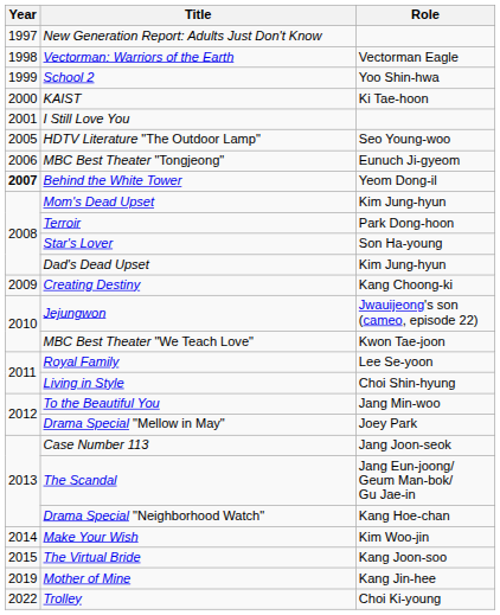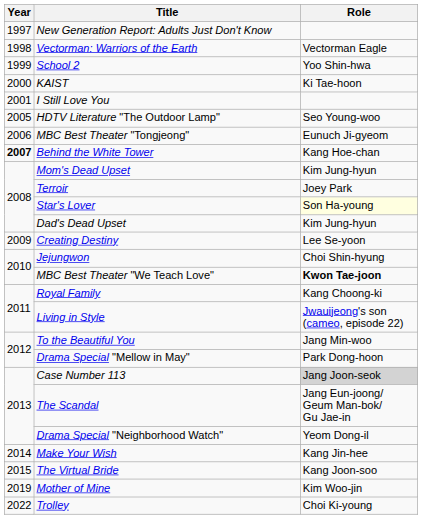 <table class="wikitable" style="width:600px">
 <tr>
 <th width=10>Year</th>
 <th>Title</th>
 <th>Role</th>
 </tr>
 <tr>
 <td>1997</td>
 <td><em>New Generation Report: Adults Just Don't Know</em></td>
 <td></td>
 </tr>
 <tr>
 <td>1998</td>
 <td><em><a href='#'>Vectorman: Warriors of the Earth</a></em></td>
 <td>Vectorman Eagle</td>
 </tr>
 <tr>
 <td>1999</td>
 <td><em><a href='#'>School 2</a></em></td>
 <td>Yoo Shin-hwa</td>
 </tr>
 <tr>
 <td>2000</td>
 <td><em>KAIST</em></td>
 <td>Ki Tae-hoon</td>
 </tr>
 <tr>
 <td>2001</td>
 <td><em>I Still Love You</em></td>
 <td></td>
 </tr>
 <tr>
 <td>2005</td>
 <td><em>HDTV Literature</em> "The Outdoor Lamp"</td>
 <td>Seo Young-woo</td>
 </tr>
 <tr>
 <td>2006</td>
 <td><em>MBC Best Theater</em> "Tongjeong"</td>
 <td>Eunuch Ji-gyeom</td>
 </tr>
 <tr>
 <td><strong>2007</strong></td>
 <td><em><a href='#'>Behind the White Tower</a></em></td>
-<td>Yeom Dong-il</td>
+<td>Kang Hoe-chan</td>
 </tr>
 <tr>
 <td rowspan=4>2008</td>
 <td><em><a href='#'>Mom's Dead Upset</a></em></td>
 <td>Kim Jung-hyun</td>
 </tr>
 <tr>
 <td><em><a href='#'>Terroir</a></em></td>
-<td>Park Dong-hoon</td>
+<td>Joey Park</td>
 </tr>
 <tr>
 <td><em><a href='#'>Star's Lover</a></em></td>
-<td>Son Ha-young</td>
+<td style="background: lightyellow;">Son Ha-young</td>
 </tr>
 <tr>
 <td><em>Dad's Dead Upset</em></td>
 <td>Kim Jung-hyun</td>
 </tr>
 <tr>
 <td>2009</td>
 <td><em><a href='#'>Creating Destiny</a></em></td>
-<td>Kang Choong-ki</td>
+<td>Lee Se-yoon</td>
 </tr>
 <tr>
 <td rowspan=2>2010</td>
 <td><em><a href='#'>Jejungwon</a></em></td>
-<td><a href='#'>Jwauijeong</a>'s son <br> (<a href='#'>cameo</a>, episode 22)</td>
+<td>Choi Shin-hyung</td>
 </tr>
 <tr>
 <td><em>MBC Best Theater</em> "We Teach Love"</td>
-<td>Kwon Tae-joon</td>
+<td><strong>Kwon Tae-joon</strong></td>
 </tr>
 <tr>
 <td rowspan=2>2011</td>
 <td><em><a href='#'>Royal Family</a></em></td>
-<td>Lee Se-yoon</td>
+<td>Kang Choong-ki</td>
 </tr>
 <tr>
 <td><em><a href='#'>Living in Style</a></em></td>
-<td>Choi Shin-hyung</td>
+<td><a href='#'>Jwauijeong</a>'s son <br> (<a href='#'>cameo</a>, episode 22)</td>
 </tr>
 <tr>
 <td rowspan=2>2012</td>
 <td><em><a href='#'>To the Beautiful You</a></em></td>
 <td>Jang Min-woo</td>
 </tr>
 <tr>
 <td><em><a href='#'>Drama Special</a></em> "Mellow in May" </td>
-<td>Joey Park</td>
+<td>Park Dong-hoon</td>
 </tr>
 <tr>
 <td rowspan=3>2013</td>
 <td><em>Case Number 113</em></td>
-<td>Jang Joon-seok</td>
+<td style="background: lightgrey;">Jang Joon-seok</td>
 </tr>
 <tr>
 <td><em><a href='#'>The Scandal</a></em></td>
 <td>Jang Eun-joong/<br>Geum Man-bok/<br>Gu Jae-in</td>
 </tr>
 <tr>
 <td><em><a href='#'>Drama Special</a></em> "Neighborhood Watch"</td>
-<td>Kang Hoe-chan</td>
+<td>Yeom Dong-il</td>
 </tr>
 <tr>
 <td>2014</td>
 <td><em><a href='#'>Make Your Wish</a></em></td>
-<td>Kim Woo-jin</td>
+<td>Kang Jin-hee</td>
 </tr>
 <tr>
 <td>2015</td>
 <td><em><a href='#'>The Virtual Bride</a></em></td>
 <td>Kang Joon-soo</td>
 </tr>
 <tr>
 <td>2019</td>
 <td><em><a href='#'>Mother of Mine</a></em></td>
-<td>Kang Jin-hee</td>
+<td>Kim Woo-jin</td>
 </tr>
 <tr>
 <td>2022</td>
 <td><em><a href='#'>Trolley</a></em></td>
 <td>Choi Ki-young</td>
 </tr>
 </table>
